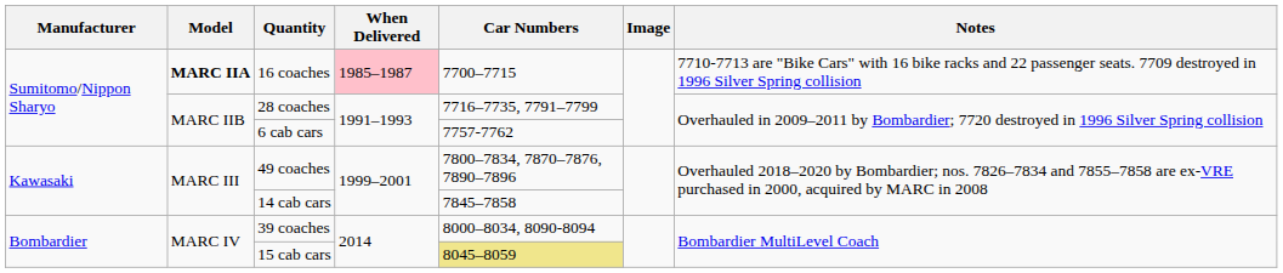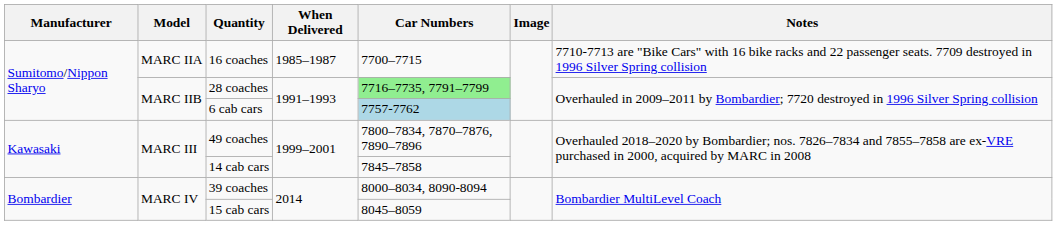 <table class="wikitable">
 <tr>
 <th>Manufacturer</th>
 <th>Model</th>
 <th>Quantity</th>
 <th>When Delivered</th>
 <th>Car Numbers</th>
 <th>Image</th>
 <th>Notes</th>
 </tr>
 <tr>
 <td rowspan="3"><a href='#'>Sumitomo</a>/<a href='#'>Nippon Sharyo</a></td>
-<td><strong>MARC IIA</strong></td>
+<td>MARC IIA</td>
 <td>16 coaches</td>
-<td style="background: pink;">1985–1987</td>
+<td>1985–1987</td>
 <td>7700–7715</td>
 <td rowspan="3"></td>
 <td>7710-7713 are "Bike Cars" with 16 bike racks and 22 passenger seats. 7709 destroyed in <a href='#'>1996 Silver Spring collision</a></td>
 </tr>
 <tr>
 <td rowspan="2">MARC IIB</td>
 <td>28 coaches</td>
 <td rowspan="2">1991–1993</td>
-<td>7716–7735, 7791–7799</td>
+<td style="background: lightgreen;">7716–7735, 7791–7799</td>
 <td rowspan="2">Overhauled in 2009–2011 by <a href='#'>Bombardier</a>; 7720 destroyed in <a href='#'>1996 Silver Spring collision</a></td>
 </tr>
 <tr>
 <td>6 cab cars</td>
-<td>7757-7762</td>
+<td style="background: lightblue;">7757-7762</td>
 </tr>
 <tr>
 <td rowspan="2"><a href='#'>Kawasaki</a></td>
 <td rowspan="2">MARC III</td>
 <td>49 coaches</td>
 <td rowspan="2">1999–2001</td>
 <td>7800–7834, 7870–7876, 7890–7896</td>
 <td rowspan="2"></td>
 <td rowspan="2">Overhauled 2018–2020 by Bombardier; nos. 7826–7834 and 7855–7858 are ex-<a href='#'>VRE</a> purchased in 2000, acquired by MARC in 2008</td>
 </tr>
 <tr>
 <td>14 cab cars</td>
 <td>7845–7858</td>
 </tr>
 <tr>
 <td rowspan="2"><a href='#'>Bombardier</a></td>
 <td rowspan="2">MARC IV</td>
 <td>39 coaches</td>
 <td rowspan="2">2014</td>
 <td>8000–8034, 8090-8094</td>
 <td rowspan="2"></td>
 <td rowspan="2"><a href='#'>Bombardier MultiLevel Coach</a></td>
 </tr>
 <tr>
 <td>15 cab cars</td>
-<td style="background: khaki;">8045–8059</td>
+<td>8045–8059</td>
 </tr>
 </table>
